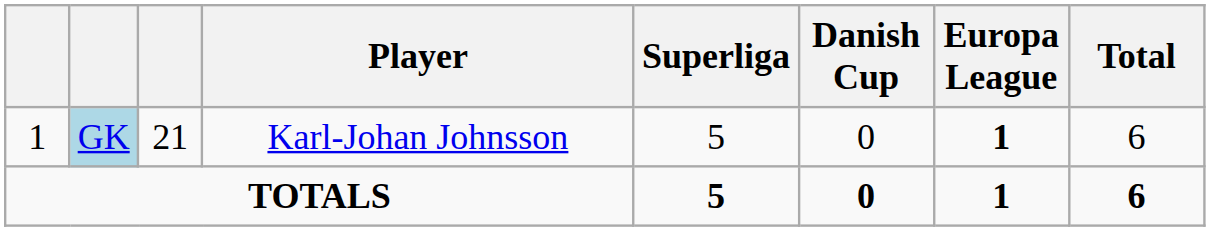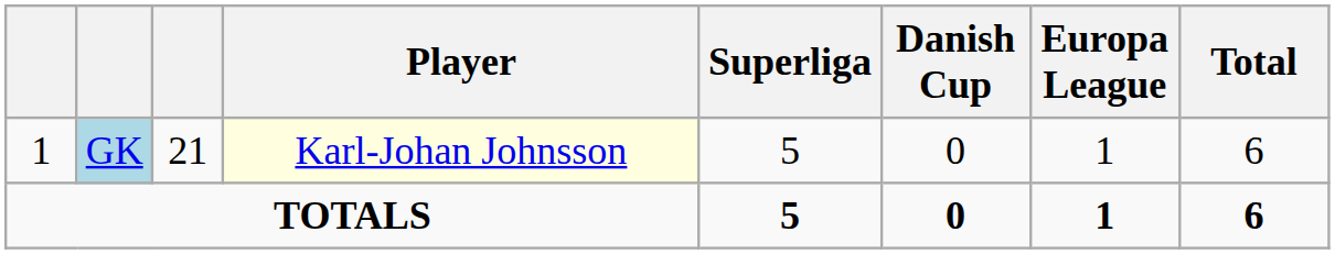 <table class="wikitable sortable" style="font-size: 95%; text-align: center;">
 <tr>
 <th width=20></th>
 <th width=20></th>
 <th width=20></th>
 <th width=175>Player</th>
 <th width=50>Superliga</th>
 <th width=50>Danish Cup</th>
 <th width=50>Europa League</th>
 <th width=50>Total</th>
 </tr>
 <tr>
 <td rowspan=1>1</td>
 <td style="background: lightblue;"><a href='#'>GK</a></td>
 <td>21</td>
-<td> <a href='#'>Karl-Johan Johnsson</a></td>
+<td style="background: lightyellow;"> <a href='#'>Karl-Johan Johnsson</a></td>
 <td>5</td>
 <td>0</td>
-<td><strong>1</strong></td>
+<td>1</td>
 <td>6</td>
 </tr>
 <tr>
 <td colspan="4"><strong>TOTALS</strong></td>
 <td><strong>5</strong></td>
 <td><strong>0</strong></td>
 <td><strong>1</strong></td>
 <td><strong>6</strong></td>
 </tr>
 </table>
